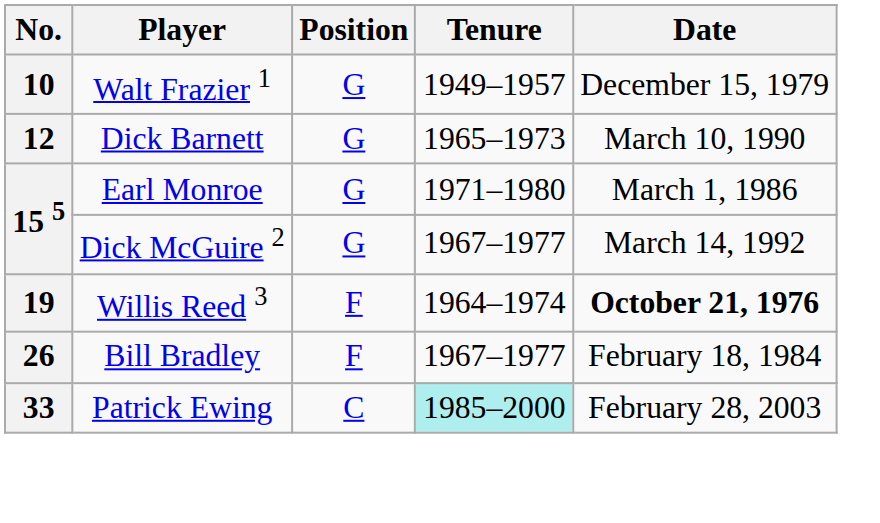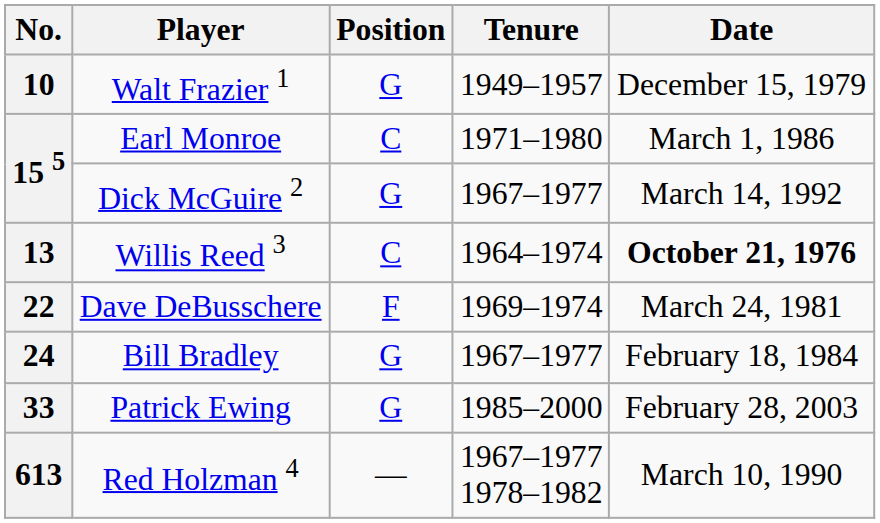 <table class="wikitable sortable" style="text-align:center">
 <tr>
 <th scope="col">No.</th>
 <th scope="col">Player</th>
 <th scope="col">Position</th>
 <th scope="col">Tenure</th>
 <th scope="col">Date</th>
 </tr>
 <tr>
 <th scope="row">10</th>
 <td><a href='#'>Walt Frazier</a> <sup>1</sup></td>
 <td><a href='#'>G</a></td>
 <td>1949–1957</td>
 <td>December 15, 1979</td>
 </tr>
 <tr>
-<th scope="row">12</th>
-<td><a href='#'>Dick Barnett</a></td>
-<td><a href='#'>G</a></td>
-<td>1965–1973</td>
-<td>March 10, 1990</td>
-</tr>
-<tr>
 <th scope="row" rowspan="2">15 <sup>5</sup></th>
 <td><a href='#'>Earl Monroe</a></td>
-<td><a href='#'>G</a></td>
+<td><a href='#'>C</a></td>
 <td>1971–1980</td>
 <td>March 1, 1986</td>
 </tr>
 <tr>
 <td><a href='#'>Dick McGuire</a> <sup>2</sup></td>
 <td><a href='#'>G</a></td>
 <td>1967–1977</td>
 <td>March 14, 1992</td>
 </tr>
 <tr>
-<th scope="row">19</th>
+<th scope="row">13</th>
 <td><a href='#'>Willis Reed</a> <sup>3</sup></td>
-<td><a href='#'>F</a></td>
+<td><a href='#'>C</a></td>
 <td>1964–1974</td>
 <td><strong>October 21, 1976</strong></td>
 </tr>
 <tr>
-<th scope="row">26</th>
+<th scope="row">22</th>
+<td><a href='#'>Dave DeBusschere</a></td>
+<td><a href='#'>F</a></td>
+<td>1969–1974</td>
+<td>March 24, 1981</td>
+</tr>
+<tr>
+<th scope="row">24</th>
 <td><a href='#'>Bill Bradley</a></td>
-<td><a href='#'>F</a></td>
+<td><a href='#'>G</a></td>
 <td>1967–1977</td>
 <td>February 18, 1984</td>
 </tr>
 <tr>
 <th scope="row">33</th>
 <td><a href='#'>Patrick Ewing</a></td>
-<td><a href='#'>C</a></td>
-<td style="background: paleturquoise;">1985–2000</td>
+<td><a href='#'>G</a></td>
+<td>1985–2000</td>
 <td>February 28, 2003</td>
 </tr>
+<tr>
+<th scope="row">613</th>
+<td><a href='#'>Red Holzman</a> <sup>4</sup></td>
+<td>—</td>
+<td>1967–1977<br>1978–1982</td>
+<td>March 10, 1990</td>
+</tr>
 </table>
